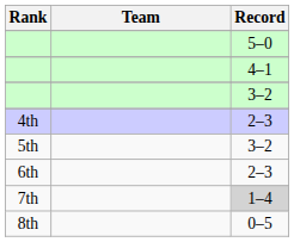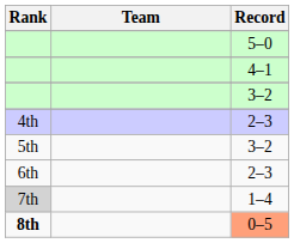 <table class=wikitable style="text-align:center;">
 <tr>
 <th>Rank</th>
 <th width=170>Team</th>
 <th>Record</th>
 </tr>
 <tr>
 </tr>
 <tr bgcolor="#ccffcc">
 <td></td>
 <td align=left></td>
 <td>5–0</td>
 </tr>
 <tr>
 </tr>
 <tr bgcolor="#ccffcc">
 <td></td>
 <td align=left></td>
 <td>4–1</td>
 </tr>
 <tr>
 </tr>
 <tr bgcolor="#ccffcc">
 <td></td>
 <td align=left></td>
 <td>3–2</td>
 </tr>
 <tr>
 </tr>
 <tr bgcolor="#ccccff">
 <td>4th</td>
 <td align=left></td>
 <td>2–3</td>
 </tr>
 <tr>
 <td>5th</td>
 <td align=left></td>
 <td>3–2</td>
 </tr>
 <tr>
 <td>6th</td>
 <td align=left></td>
 <td>2–3</td>
 </tr>
 <tr>
-<td>7th</td>
+<td style="background: lightgrey;">7th</td>
 <td align=left></td>
-<td style="background: lightgrey;">1–4</td>
+<td>1–4</td>
 </tr>
 <tr>
-<td>8th</td>
+<td><strong>8th</strong></td>
 <td align=left></td>
-<td>0–5</td>
+<td style="background: lightsalmon;">0–5</td>
 </tr>
 </table>
